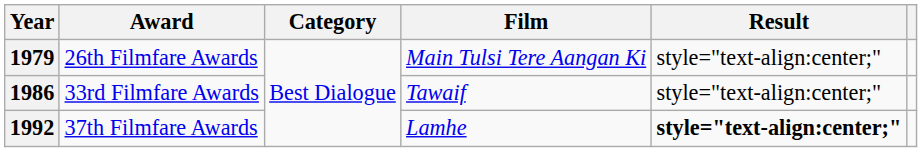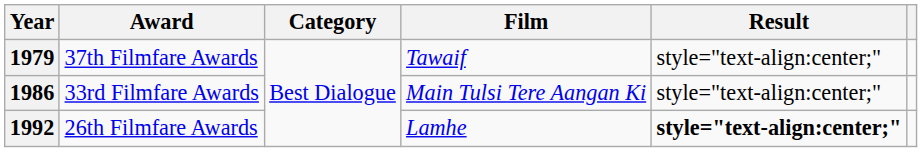 <table class="wikitable plainrowheaders sortable">
 <tr>
 <th scope="col">Year</th>
 <th scope="col">Award</th>
 <th scope="col">Category</th>
 <th scope="col">Film</th>
 <th scope="col">Result</th>
 <th class="unsortable" scope="col"></th>
 </tr>
 <tr>
 <th scope="row">1979</th>
-<td><a href='#'>26th Filmfare Awards</a></td>
+<td><a href='#'>37th Filmfare Awards</a></td>
 <td rowspan="3"><a href='#'>Best Dialogue</a></td>
-<td><em><a href='#'>Main Tulsi Tere Aangan Ki</a></em></td>
+<td><em><a href='#'>Tawaif</a></em></td>
 <td>style="text-align:center;" </td>
 <td></td>
 </tr>
 <tr>
 <th scope="row">1986</th>
 <td><a href='#'>33rd Filmfare Awards</a></td>
-<td><em><a href='#'>Tawaif</a></em></td>
+<td><em><a href='#'>Main Tulsi Tere Aangan Ki</a></em></td>
 <td>style="text-align:center;" </td>
 <td></td>
 </tr>
 <tr>
 <th scope="row">1992</th>
-<td><a href='#'>37th Filmfare Awards</a></td>
+<td><a href='#'>26th Filmfare Awards</a></td>
 <td><em><a href='#'>Lamhe</a></em></td>
 <td><strong>style="text-align:center;" </strong></td>
 <td></td>
 </tr>
 </table>
